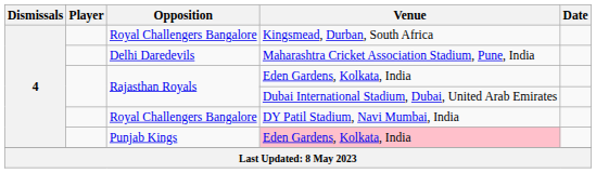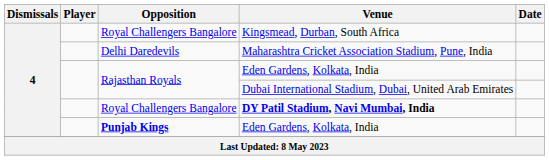 <table class="wikitable sortable" style="text-align:left;font-size:96%;">
 <tr>
 <th>Dismissals</th>
 <th>Player</th>
 <th>Opposition</th>
 <th>Venue</th>
 <th>Date</th>
 </tr>
 <tr>
 <th scope=row style=text-align:center; rowspan=6>4</th>
 <td></td>
 <td><a href='#'>Royal Challengers Bangalore</a></td>
 <td><a href='#'>Kingsmead</a>, <a href='#'>Durban</a>, South Africa</td>
 <td></td>
 </tr>
 <tr>
 <td></td>
 <td><a href='#'>Delhi Daredevils</a></td>
 <td><a href='#'>Maharashtra Cricket Association Stadium</a>, <a href='#'>Pune</a>, India</td>
 <td></td>
 </tr>
 <tr>
 <td rowspan=2></td>
 <td rowspan=2><a href='#'>Rajasthan Royals</a></td>
 <td><a href='#'>Eden Gardens</a>, <a href='#'>Kolkata</a>, India</td>
 <td></td>
 </tr>
 <tr>
 <td><a href='#'>Dubai International Stadium</a>, <a href='#'>Dubai</a>, United Arab Emirates</td>
 <td></td>
 </tr>
 <tr>
 <td></td>
 <td><a href='#'>Royal Challengers Bangalore</a></td>
-<td><a href='#'>DY Patil Stadium</a>, <a href='#'>Navi Mumbai</a>, India</td>
+<td><strong><a href='#'>DY Patil Stadium</a>, <a href='#'>Navi Mumbai</a>, India</strong></td>
 <td></td>
 </tr>
 <tr>
 <td></td>
-<td><a href='#'>Punjab Kings</a></td>
-<td style="background: pink;"><a href='#'>Eden Gardens</a>, <a href='#'>Kolkata</a>, India</td>
+<td><strong><a href='#'>Punjab Kings</a></strong></td>
+<td><a href='#'>Eden Gardens</a>, <a href='#'>Kolkata</a>, India</td>
 <td></td>
 </tr>
 <tr>
 </tr>
 <tr class=sortbottom>
 <th colspan=6><small>Last Updated: 8 May 2023</small></th>
 </tr>
 </table>
